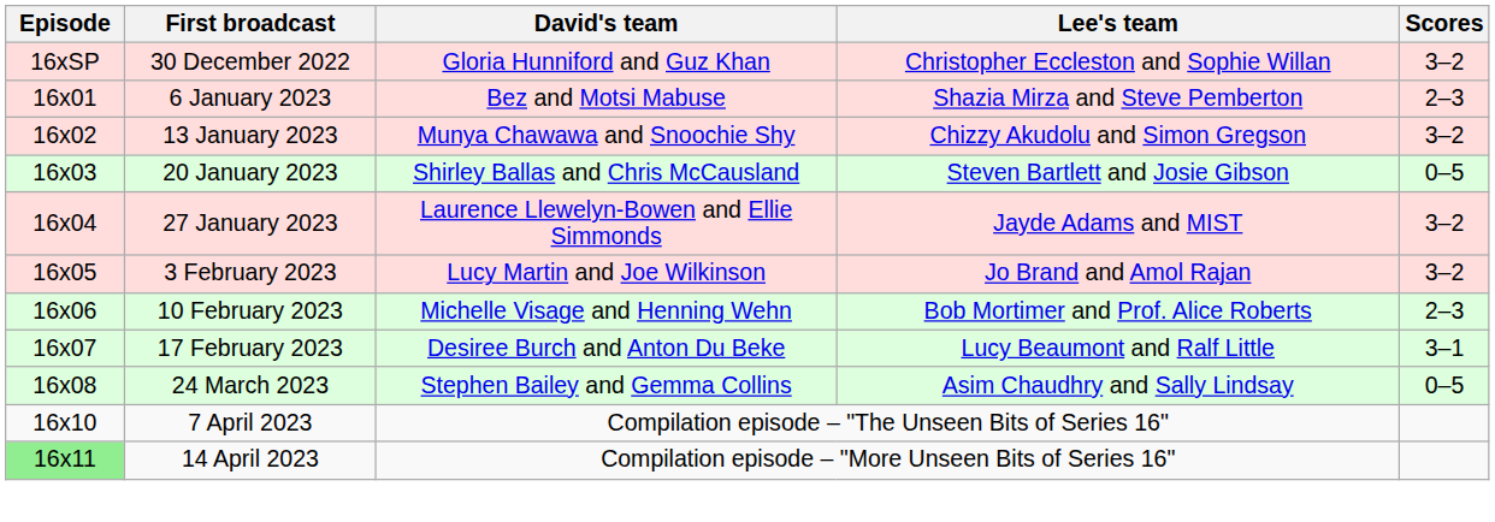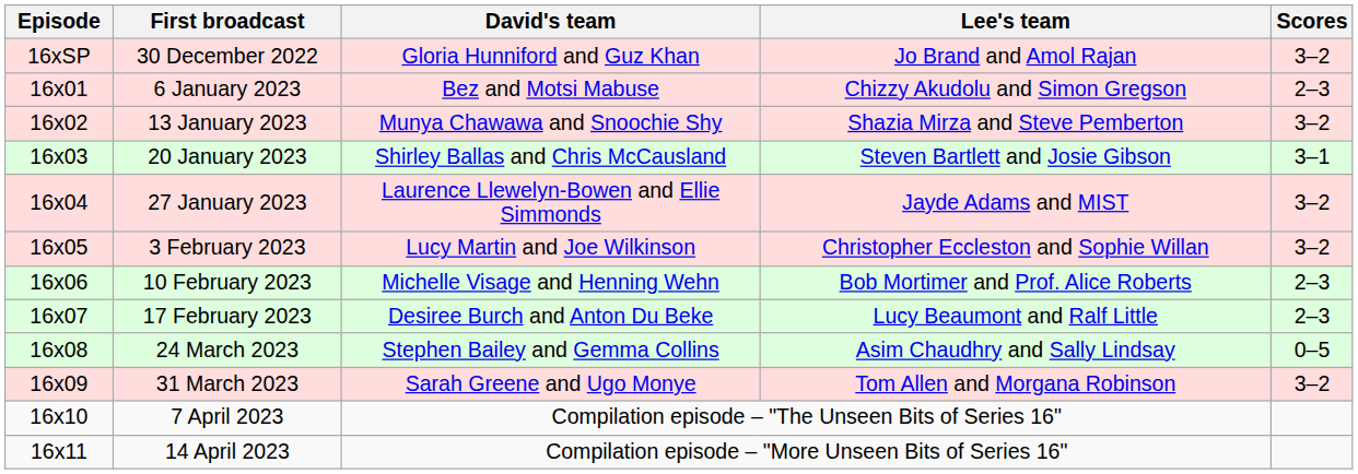 <table class="wikitable"  style="width:80%; left:0 auto; text-align:center;">
 <tr>
 <th style="width:8%;">Episode</th>
 <th style="width:17%;">First broadcast</th>
 <th style="width:31%;">David's team</th>
 <th style="width:38%;">Lee's team</th>
 <th style="width:6%;">Scores</th>
 </tr>
 <tr style="background:#fdd;">
 <td>16xSP</td>
 <td>30 December 2022</td>
 <td><a href='#'>Gloria Hunniford</a> and <a href='#'>Guz Khan</a></td>
-<td><a href='#'>Christopher Eccleston</a> and <a href='#'>Sophie Willan</a></td>
+<td><a href='#'>Jo Brand</a> and <a href='#'>Amol Rajan</a></td>
 <td>3–2</td>
 </tr>
 <tr style="background:#fdd;">
 <td>16x01</td>
 <td>6 January 2023</td>
 <td><a href='#'>Bez</a> and <a href='#'>Motsi Mabuse</a></td>
-<td><a href='#'>Shazia Mirza</a> and <a href='#'>Steve Pemberton</a></td>
+<td><a href='#'>Chizzy Akudolu</a> and <a href='#'>Simon Gregson</a></td>
 <td>2–3</td>
 </tr>
 <tr style="background:#fdd;">
 <td>16x02</td>
 <td>13 January 2023</td>
 <td><a href='#'>Munya Chawawa</a> and <a href='#'>Snoochie Shy</a></td>
-<td><a href='#'>Chizzy Akudolu</a> and <a href='#'>Simon Gregson</a></td>
+<td><a href='#'>Shazia Mirza</a> and <a href='#'>Steve Pemberton</a></td>
 <td>3–2</td>
 </tr>
 <tr style="background:#dfd;">
 <td>16x03</td>
 <td>20 January 2023</td>
 <td><a href='#'>Shirley Ballas</a> and <a href='#'>Chris McCausland</a></td>
 <td><a href='#'>Steven Bartlett</a> and <a href='#'>Josie Gibson</a></td>
-<td>0–5</td>
+<td>3–1</td>
 </tr>
 <tr style="background:#fdd;">
 <td>16x04</td>
 <td>27 January 2023</td>
 <td><a href='#'>Laurence Llewelyn-Bowen</a> and <a href='#'>Ellie Simmonds</a></td>
 <td><a href='#'>Jayde Adams</a> and <a href='#'>MIST</a></td>
 <td>3–2</td>
 </tr>
 <tr style="background:#fdd;">
 <td>16x05</td>
 <td>3 February 2023</td>
 <td><a href='#'>Lucy Martin</a> and <a href='#'>Joe Wilkinson</a></td>
-<td><a href='#'>Jo Brand</a> and <a href='#'>Amol Rajan</a></td>
+<td><a href='#'>Christopher Eccleston</a> and <a href='#'>Sophie Willan</a></td>
 <td>3–2</td>
 </tr>
 <tr style="background:#dfd;">
 <td>16x06</td>
 <td>10 February 2023</td>
 <td><a href='#'>Michelle Visage</a> and <a href='#'>Henning Wehn</a></td>
 <td><a href='#'>Bob Mortimer</a> and <a href='#'>Prof. Alice Roberts</a></td>
 <td>2–3</td>
 </tr>
 <tr style="background:#dfd;">
 <td>16x07</td>
 <td>17 February 2023</td>
 <td><a href='#'>Desiree Burch</a> and <a href='#'>Anton Du Beke</a></td>
 <td><a href='#'>Lucy Beaumont</a> and <a href='#'>Ralf Little</a></td>
-<td>3–1</td>
+<td>2–3</td>
 </tr>
 <tr style="background:#dfd;">
 <td>16x08</td>
 <td>24 March 2023</td>
 <td><a href='#'>Stephen Bailey</a> and <a href='#'>Gemma Collins</a></td>
 <td><a href='#'>Asim Chaudhry</a> and <a href='#'>Sally Lindsay</a></td>
 <td>0–5</td>
 </tr>
+<tr style="background:#fdd;">
+<td>16x09</td>
+<td>31 March 2023</td>
+<td><a href='#'>Sarah Greene</a> and <a href='#'>Ugo Monye</a></td>
+<td><a href='#'>Tom Allen</a> and <a href='#'>Morgana Robinson</a></td>
+<td>3–2</td>
+</tr>
 <tr>
 <td>16x10</td>
 <td>7 April 2023</td>
 <td colspan="2">Compilation episode – "The Unseen Bits of Series 16"</td>
 <td></td>
 </tr>
 <tr>
-<td style="background: lightgreen;">16x11</td>
+<td>16x11</td>
 <td>14 April 2023</td>
 <td colspan="2">Compilation episode – "More Unseen Bits of Series 16"</td>
 <td></td>
 </tr>
 </table>
